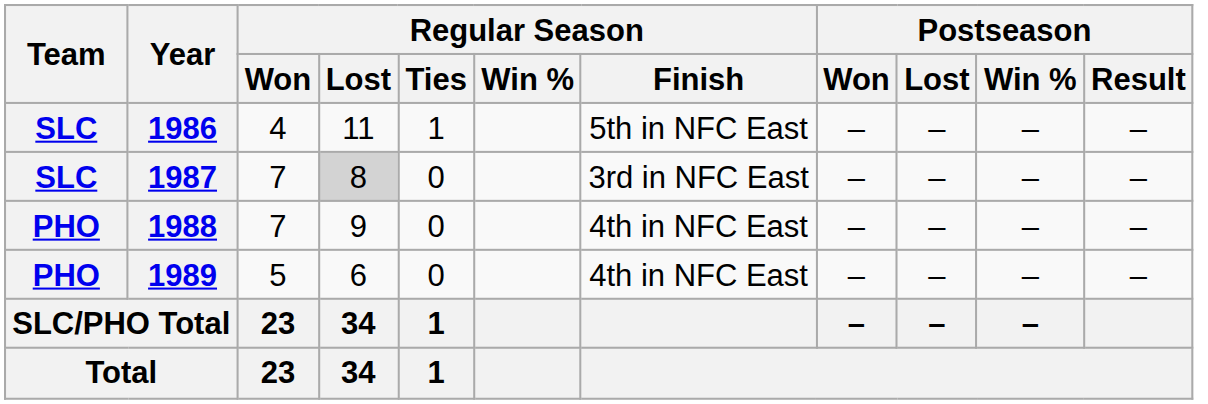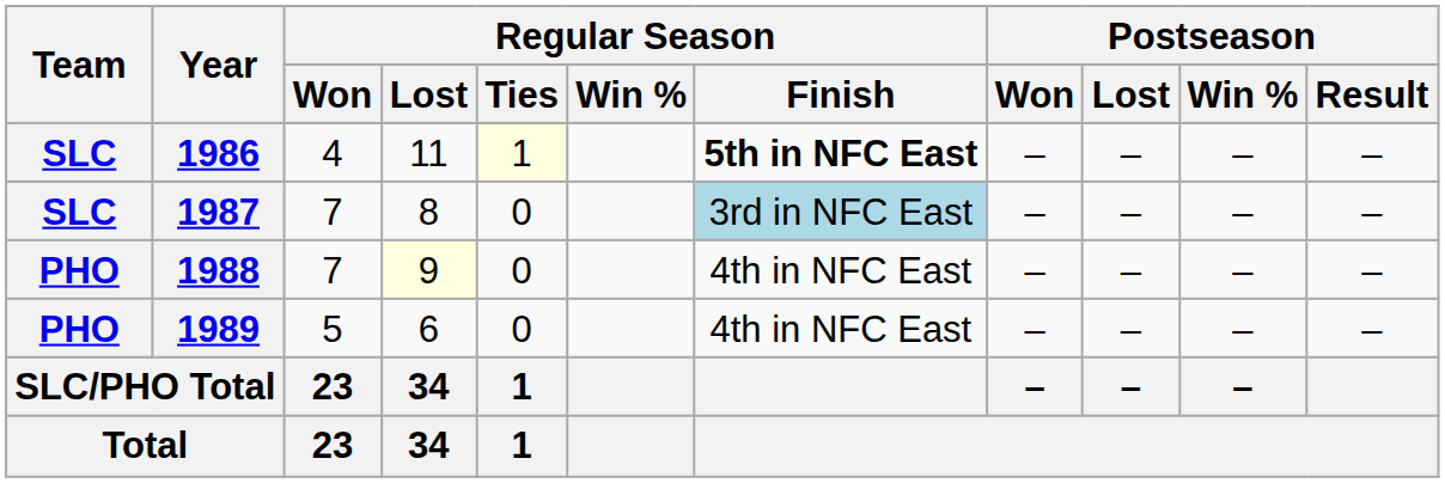 <table class="wikitable" style="font-size: 95%; text-align:center;">
 <tr>
 <th rowspan="2">Team</th>
 <th rowspan="2">Year</th>
 <th colspan="5">Regular Season</th>
 <th colspan="4">Postseason</th>
 </tr>
 <tr>
 <th>Won</th>
 <th>Lost</th>
 <th>Ties</th>
 <th>Win %</th>
 <th>Finish</th>
 <th>Won</th>
 <th>Lost</th>
 <th>Win %</th>
 <th>Result</th>
 </tr>
 <tr>
 <th><a href='#'>SLC</a></th>
 <th><a href='#'>1986</a></th>
 <td>4</td>
 <td>11</td>
-<td>1</td>
+<td style="background: lightyellow;">1</td>
 <td></td>
-<td>5th in NFC East</td>
+<td><strong>5th in NFC East</strong></td>
 <td>–</td>
 <td>–</td>
 <td>–</td>
 <td>–</td>
 </tr>
 <tr>
 <th><a href='#'>SLC</a></th>
 <th><a href='#'>1987</a></th>
 <td>7</td>
-<td style="background: lightgrey;">8</td>
+<td>8</td>
 <td>0</td>
 <td></td>
-<td>3rd in NFC East</td>
+<td style="background: lightblue;">3rd in NFC East</td>
 <td>–</td>
 <td>–</td>
 <td>–</td>
 <td>–</td>
 </tr>
 <tr>
 <th><a href='#'>PHO</a></th>
 <th><a href='#'>1988</a></th>
 <td>7</td>
-<td>9</td>
+<td style="background: lightyellow;">9</td>
 <td>0</td>
 <td></td>
 <td>4th in NFC East</td>
 <td>–</td>
 <td>–</td>
 <td>–</td>
 <td>–</td>
 </tr>
 <tr>
 <th><a href='#'>PHO</a></th>
 <th><a href='#'>1989</a></th>
 <td>5</td>
 <td>6</td>
 <td>0</td>
 <td></td>
 <td>4th in NFC East</td>
 <td>–</td>
 <td>–</td>
 <td>–</td>
 <td>–</td>
 </tr>
 <tr>
 <th colspan="2">SLC/PHO Total</th>
 <th>23</th>
 <th>34</th>
 <th>1</th>
 <th></th>
 <th></th>
 <th>–</th>
 <th>–</th>
 <th>–</th>
 <th></th>
 </tr>
 <tr>
 <th colspan="2">Total</th>
 <th>23</th>
 <th>34</th>
 <th>1</th>
 <th></th>
 <th colspan="5"></th>
 </tr>
 </table>
